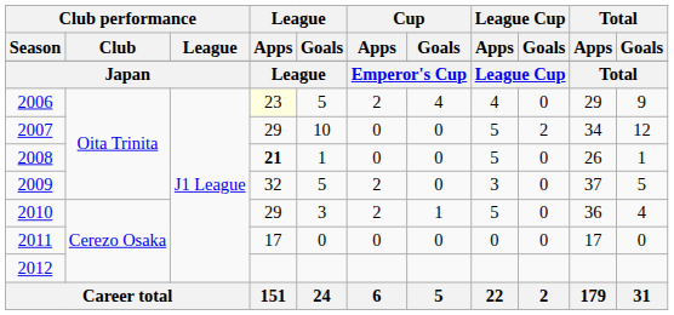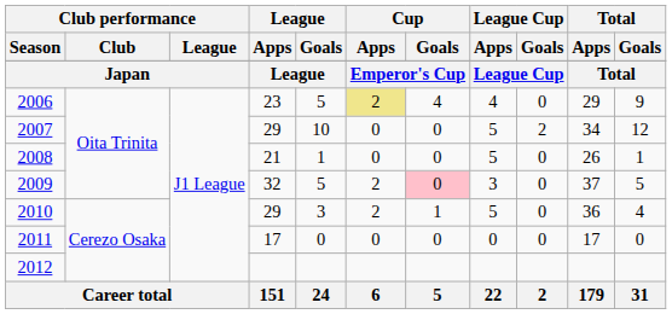 <table class="wikitable" style="text-align:center">
 <tr>
 <th colspan=3>Club performance</th>
 <th colspan=2>League</th>
 <th colspan=2>Cup</th>
 <th colspan=2>League Cup</th>
 <th colspan=2>Total</th>
 </tr>
 <tr>
 <th>Season</th>
 <th>Club</th>
 <th>League</th>
 <th>Apps</th>
 <th>Goals</th>
 <th>Apps</th>
 <th>Goals</th>
 <th>Apps</th>
 <th>Goals</th>
 <th>Apps</th>
 <th>Goals</th>
 </tr>
 <tr>
 </tr>
 <tr>
 <th colspan=3>Japan</th>
 <th colspan=2>League</th>
 <th colspan=2><a href='#'>Emperor's Cup</a></th>
 <th colspan=2><a href='#'>League Cup</a></th>
 <th colspan=2>Total</th>
 </tr>
 <tr>
 <td><a href='#'>2006</a></td>
 <td rowspan="4"><a href='#'>Oita Trinita</a></td>
 <td rowspan="7"><a href='#'>J1 League</a></td>
-<td style="background: lightyellow;">23</td>
+<td>23</td>
 <td>5</td>
-<td>2</td>
+<td style="background: khaki;">2</td>
 <td>4</td>
 <td>4</td>
 <td>0</td>
 <td>29</td>
 <td>9</td>
 </tr>
 <tr>
 <td><a href='#'>2007</a></td>
 <td>29</td>
 <td>10</td>
 <td>0</td>
 <td>0</td>
 <td>5</td>
 <td>2</td>
 <td>34</td>
 <td>12</td>
 </tr>
 <tr>
 <td><a href='#'>2008</a></td>
-<td><strong>21</strong></td>
+<td>21</td>
 <td>1</td>
 <td>0</td>
 <td>0</td>
 <td>5</td>
 <td>0</td>
 <td>26</td>
 <td>1</td>
 </tr>
 <tr>
 <td><a href='#'>2009</a></td>
 <td>32</td>
 <td>5</td>
 <td>2</td>
-<td>0</td>
+<td style="background: pink;">0</td>
 <td>3</td>
 <td>0</td>
 <td>37</td>
 <td>5</td>
 </tr>
 <tr>
 <td><a href='#'>2010</a></td>
 <td rowspan="3"><a href='#'>Cerezo Osaka</a></td>
 <td>29</td>
 <td>3</td>
 <td>2</td>
 <td>1</td>
 <td>5</td>
 <td>0</td>
 <td>36</td>
 <td>4</td>
 </tr>
 <tr>
 <td><a href='#'>2011</a></td>
 <td>17</td>
 <td>0</td>
 <td>0</td>
 <td>0</td>
 <td>0</td>
 <td>0</td>
 <td>17</td>
 <td>0</td>
 </tr>
 <tr>
 <td><a href='#'>2012</a></td>
 <td></td>
 <td></td>
 <td></td>
 <td></td>
 <td></td>
 <td></td>
 <td></td>
 <td></td>
 </tr>
 <tr>
 <th colspan=3>Career total</th>
 <th>151</th>
 <th>24</th>
 <th>6</th>
 <th>5</th>
 <th>22</th>
 <th>2</th>
 <th>179</th>
 <th>31</th>
 </tr>
 </table>
